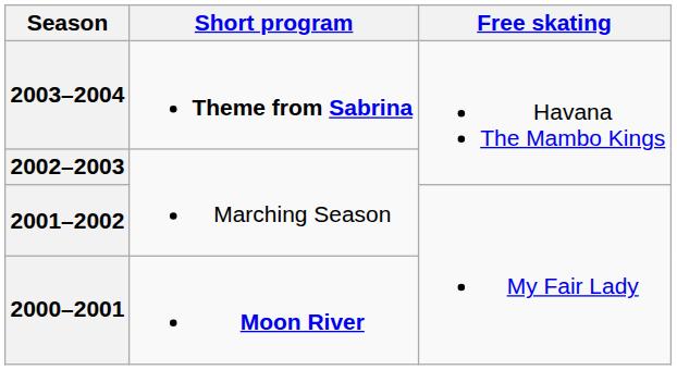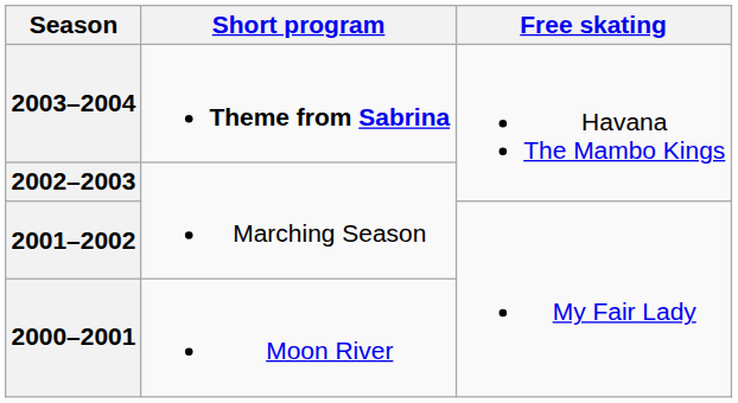 <table class=wikitable style=text-align:center>
 <tr>
 <th>Season</th>
 <th><a href='#'>Short program</a></th>
 <th><a href='#'>Free skating</a></th>
 </tr>
 <tr>
 <th>2003–2004 <br> </th>
 <td><strong><br><ul><li>Theme from <a href='#'>Sabrina</a> <br></li></ul></strong></td>
 <td rowspan=2><br><ul><li>Havana <br></li><li><a href='#'>The Mambo Kings</a></li></ul></td>
 </tr>
 <tr>
 <th>2002–2003 <br> </th>
 <td rowspan=2><br><ul><li>Marching Season <br></li></ul></td>
 </tr>
 <tr>
 <th>2001–2002 <br> </th>
 <td rowspan=2><br><ul><li><a href='#'>My Fair Lady</a> <br></li></ul></td>
 </tr>
 <tr>
 <th>2000–2001 <br> </th>
-<td><strong><br><ul><li><a href='#'>Moon River</a> <br></li></ul></strong></td>
+<td><br><ul><li><a href='#'>Moon River</a> <br></li></ul></td>
 </tr>
 </table>
